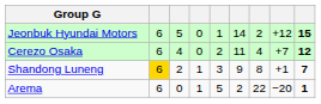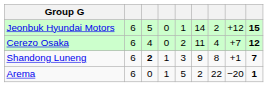 <table class="wikitable" style="text-align:center;">
 <tr>
 <th width=190>Group G</th>
 <th width=20></th>
 <th width=20></th>
 <th width=20></th>
 <th width=20></th>
 <th width=20></th>
 <th width=20></th>
 <th width=20></th>
 <th width=20></th>
 </tr>
 <tr bgcolor=ccffcc>
 <td align="left"> <a href='#'>Jeonbuk Hyundai Motors</a></td>
 <td>6</td>
 <td>5</td>
 <td>0</td>
 <td>1</td>
 <td>14</td>
 <td>2</td>
 <td>+12</td>
 <td><strong>15</strong></td>
 </tr>
 <tr bgcolor=ccffcc>
 <td align="left"> <a href='#'>Cerezo Osaka</a></td>
 <td>6</td>
 <td>4</td>
 <td>0</td>
 <td>2</td>
 <td>11</td>
 <td>4</td>
 <td>+7</td>
 <td><strong>12</strong></td>
 </tr>
 <tr>
 <td align="left"> <a href='#'>Shandong Luneng</a></td>
-<td style="background: gold;">6</td>
-<td>2</td>
+<td>6</td>
+<td><strong>2</strong></td>
 <td>1</td>
 <td>3</td>
 <td>9</td>
 <td>8</td>
 <td>+1</td>
 <td><strong>7</strong></td>
 </tr>
 <tr>
 <td align="left"> <a href='#'>Arema</a></td>
 <td>6</td>
 <td>0</td>
 <td>1</td>
 <td>5</td>
 <td>2</td>
 <td>22</td>
 <td>−20</td>
 <td><strong>1</strong></td>
 </tr>
 </table>
